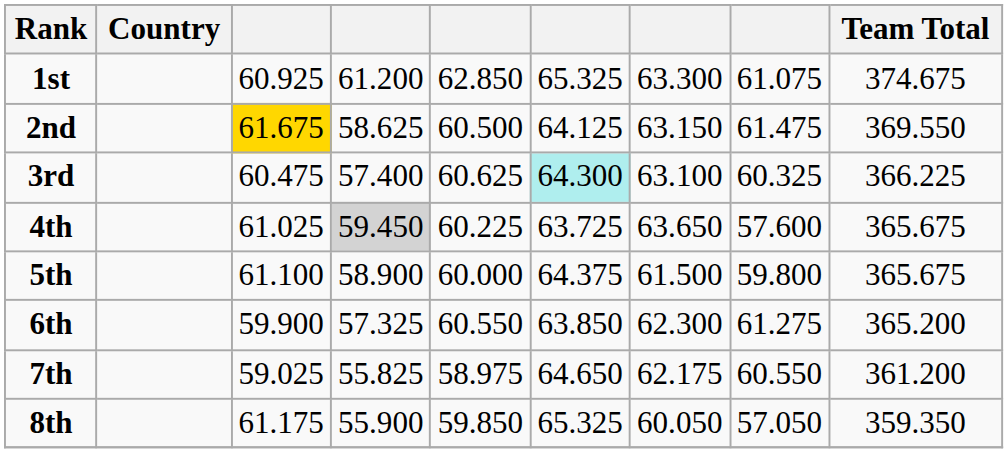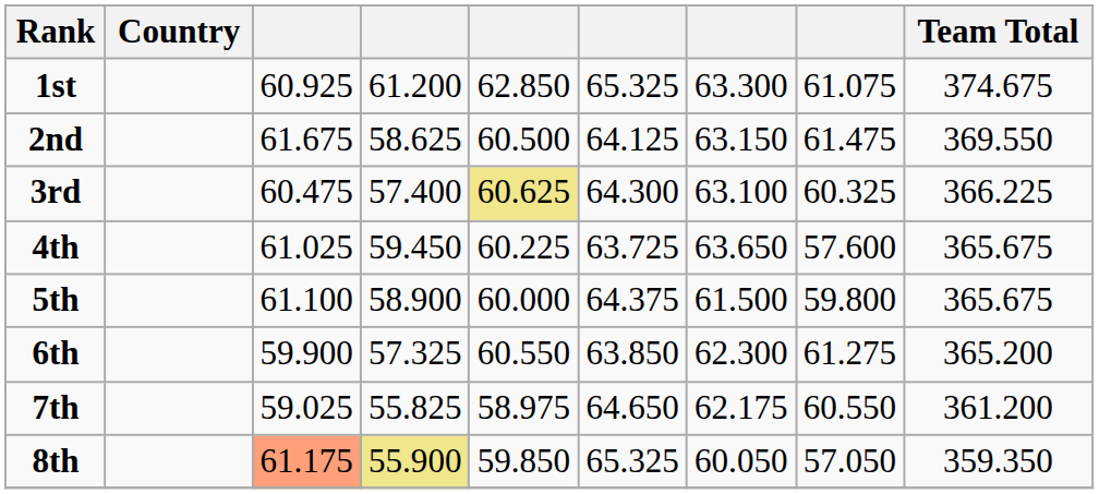 <table class="wikitable sortable" style="text-align:center;">
 <tr>
 <th>Rank</th>
 <th>Country</th>
 <th width="10%"></th>
 <th width="10%"></th>
 <th width="10%"></th>
 <th width="10%"></th>
 <th width="10%"></th>
 <th width="10%"></th>
 <th>Team Total</th>
 </tr>
 <tr>
 <td><strong>1st</strong></td>
 <td align=left></td>
 <td>60.925</td>
 <td>61.200</td>
 <td>62.850</td>
 <td>65.325</td>
 <td>63.300</td>
 <td>61.075</td>
 <td>374.675</td>
 </tr>
 <tr>
 <td><strong>2nd</strong></td>
 <td align=left></td>
-<td style="background: gold;">61.675</td>
+<td>61.675</td>
 <td>58.625</td>
 <td>60.500</td>
 <td>64.125</td>
 <td>63.150</td>
 <td>61.475</td>
 <td>369.550</td>
 </tr>
 <tr>
 <td><strong>3rd</strong></td>
 <td align=left></td>
 <td>60.475</td>
 <td>57.400</td>
-<td>60.625</td>
-<td style="background: paleturquoise;">64.300</td>
+<td style="background: khaki;">60.625</td>
+<td>64.300</td>
 <td>63.100</td>
 <td>60.325</td>
 <td>366.225</td>
 </tr>
 <tr>
 <td><strong>4th</strong></td>
 <td align=left></td>
 <td>61.025</td>
-<td style="background: lightgrey;">59.450</td>
+<td>59.450</td>
 <td>60.225</td>
 <td>63.725</td>
 <td>63.650</td>
 <td>57.600</td>
 <td>365.675</td>
 </tr>
 <tr>
 <td><strong>5th</strong></td>
 <td align=left></td>
 <td>61.100</td>
 <td>58.900</td>
 <td>60.000</td>
 <td>64.375</td>
 <td>61.500</td>
 <td>59.800</td>
 <td>365.675</td>
 </tr>
 <tr>
 <td><strong>6th</strong></td>
 <td align=left></td>
 <td>59.900</td>
 <td>57.325</td>
 <td>60.550</td>
 <td>63.850</td>
 <td>62.300</td>
 <td>61.275</td>
 <td>365.200</td>
 </tr>
 <tr>
 <td><strong>7th</strong></td>
 <td align=left></td>
 <td>59.025</td>
 <td>55.825</td>
 <td>58.975</td>
 <td>64.650</td>
 <td>62.175</td>
 <td>60.550</td>
 <td>361.200</td>
 </tr>
 <tr>
 <td><strong>8th</strong></td>
 <td align=left></td>
-<td>61.175</td>
-<td>55.900</td>
+<td style="background: lightsalmon;">61.175</td>
+<td style="background: khaki;">55.900</td>
 <td>59.850</td>
 <td>65.325</td>
 <td>60.050</td>
 <td>57.050</td>
 <td>359.350</td>
 </tr>
 <tr>
 </tr>
 </table>
